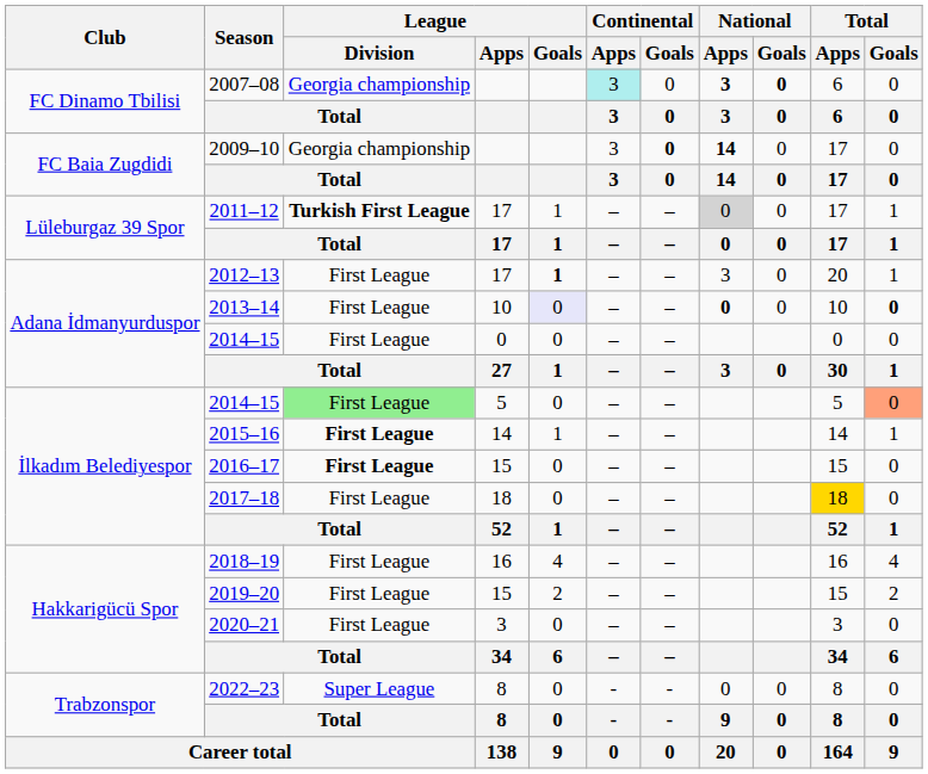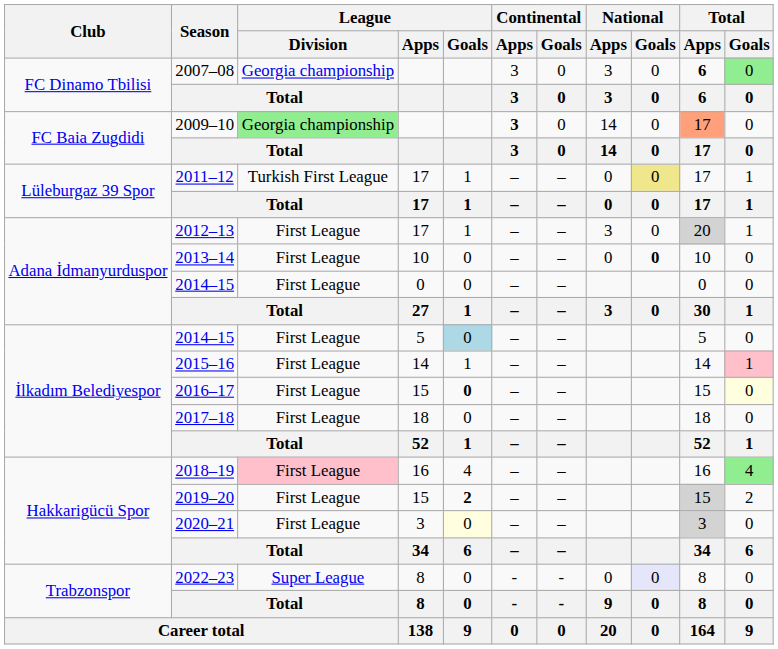 <table class="wikitable" style="text-align: center;">
 <tr>
 <th rowspan=2>Club</th>
 <th rowspan=2>Season</th>
 <th colspan=3>League</th>
 <th colspan=2>Continental</th>
 <th colspan=2>National</th>
 <th colspan=2>Total</th>
 </tr>
 <tr>
 <th>Division</th>
 <th>Apps</th>
 <th>Goals</th>
 <th>Apps</th>
 <th>Goals</th>
 <th>Apps</th>
 <th>Goals</th>
 <th>Apps</th>
 <th>Goals</th>
 </tr>
 <tr>
 <td rowspan=2><a href='#'>FC Dinamo Tbilisi</a></td>
 <td>2007–08</td>
 <td><a href='#'>Georgia championship</a></td>
 <td></td>
 <td></td>
-<td style="background: paleturquoise;">3</td>
+<td>3</td>
 <td>0</td>
-<td><strong>3</strong></td>
-<td><strong>0</strong></td>
-<td>6</td>
+<td>3</td>
 <td>0</td>
+<td><strong>6</strong></td>
+<td style="background: lightgreen;">0</td>
 </tr>
 <tr>
 <th colspan=2>Total</th>
 <th></th>
 <th></th>
 <th>3</th>
 <th>0</th>
 <th>3</th>
 <th>0</th>
 <th>6</th>
 <th>0</th>
 </tr>
 <tr>
 <td rowspan=2><a href='#'>FC Baia Zugdidi</a></td>
 <td>2009–10</td>
-<td>Georgia championship</td>
+<td style="background: lightgreen;">Georgia championship</td>
 <td></td>
 <td></td>
-<td>3</td>
-<td><strong>0</strong></td>
-<td><strong>14</strong></td>
+<td><strong>3</strong></td>
 <td>0</td>
-<td>17</td>
+<td>14</td>
+<td>0</td>
+<td style="background: lightsalmon;">17</td>
 <td>0</td>
 </tr>
 <tr>
 <th colspan=2>Total</th>
 <th></th>
 <th></th>
 <th>3</th>
 <th>0</th>
 <th>14</th>
 <th>0</th>
 <th>17</th>
 <th>0</th>
 </tr>
 <tr>
 <td rowspan=2><a href='#'>Lüleburgaz 39 Spor</a></td>
 <td><a href='#'>2011–12</a></td>
-<td><strong>Turkish First League</strong></td>
+<td>Turkish First League</td>
 <td>17</td>
 <td>1</td>
 <td>–</td>
 <td>–</td>
-<td style="background: lightgrey;">0</td>
 <td>0</td>
+<td style="background: khaki;">0</td>
 <td>17</td>
 <td>1</td>
 </tr>
 <tr>
 <th colspan=2>Total</th>
 <th>17</th>
 <th>1</th>
 <th>–</th>
 <th>–</th>
 <th>0</th>
 <th>0</th>
 <th>17</th>
 <th>1</th>
 </tr>
 <tr>
 <td rowspan=4><a href='#'>Adana İdmanyurduspor</a></td>
 <td><a href='#'>2012–13</a></td>
 <td>First League</td>
 <td>17</td>
-<td><strong>1</strong></td>
+<td>1</td>
 <td>–</td>
 <td>–</td>
 <td>3</td>
 <td>0</td>
-<td>20</td>
+<td style="background: lightgrey;">20</td>
 <td>1</td>
 </tr>
 <tr>
 <td><a href='#'>2013–14</a></td>
 <td>First League</td>
 <td>10</td>
-<td style="background: lavender;">0</td>
+<td>0</td>
 <td>–</td>
 <td>–</td>
+<td>0</td>
 <td><strong>0</strong></td>
+<td>10</td>
 <td>0</td>
-<td>10</td>
-<td><strong>0</strong></td>
 </tr>
 <tr>
 <td><a href='#'>2014–15</a></td>
 <td>First League</td>
 <td>0</td>
 <td>0</td>
 <td>–</td>
 <td>–</td>
 <td></td>
 <td></td>
 <td>0</td>
 <td>0</td>
 </tr>
 <tr>
 <th colspan=2>Total</th>
 <th>27</th>
 <th>1</th>
 <th>–</th>
 <th>–</th>
 <th>3</th>
 <th>0</th>
 <th>30</th>
 <th>1</th>
 </tr>
 <tr>
 <td rowspan=5><a href='#'>İlkadım Belediyespor</a></td>
 <td><a href='#'>2014–15</a></td>
-<td style="background: lightgreen;">First League</td>
+<td>First League</td>
 <td>5</td>
-<td>0</td>
+<td style="background: lightblue;">0</td>
 <td>–</td>
 <td>–</td>
 <td></td>
 <td></td>
 <td>5</td>
-<td style="background: lightsalmon;">0</td>
+<td>0</td>
 </tr>
 <tr>
 <td><a href='#'>2015–16</a></td>
-<td><strong>First League</strong></td>
+<td>First League</td>
 <td>14</td>
 <td>1</td>
 <td>–</td>
 <td>–</td>
 <td></td>
 <td></td>
 <td>14</td>
-<td>1</td>
+<td style="background: pink;">1</td>
 </tr>
 <tr>
 <td><a href='#'>2016–17</a></td>
-<td><strong>First League</strong></td>
+<td>First League</td>
 <td>15</td>
-<td>0</td>
+<td><strong>0</strong></td>
 <td>–</td>
 <td>–</td>
 <td></td>
 <td></td>
 <td>15</td>
-<td>0</td>
+<td style="background: lightyellow;">0</td>
 </tr>
 <tr>
 <td><a href='#'>2017–18</a></td>
 <td>First League</td>
 <td>18</td>
 <td>0</td>
 <td>–</td>
 <td>–</td>
 <td></td>
 <td></td>
-<td style="background: gold;">18</td>
+<td>18</td>
 <td>0</td>
 </tr>
 <tr>
 <th colspan=2>Total</th>
 <th>52</th>
 <th>1</th>
 <th>–</th>
 <th>–</th>
 <th></th>
 <th></th>
 <th>52</th>
 <th>1</th>
 </tr>
 <tr>
 <td rowspan=4><a href='#'>Hakkarigücü Spor</a></td>
 <td><a href='#'>2018–19</a></td>
-<td>First League</td>
+<td style="background: pink;">First League</td>
 <td>16</td>
 <td>4</td>
 <td>–</td>
 <td>–</td>
 <td></td>
 <td></td>
 <td>16</td>
-<td>4</td>
+<td style="background: lightgreen;">4</td>
 </tr>
 <tr>
 <td><a href='#'>2019–20</a></td>
 <td>First League</td>
 <td>15</td>
-<td>2</td>
+<td><strong>2</strong></td>
 <td>–</td>
 <td>–</td>
 <td></td>
 <td></td>
-<td>15</td>
+<td style="background: lightgrey;">15</td>
 <td>2</td>
 </tr>
 <tr>
 <td><a href='#'>2020–21</a></td>
 <td>First League</td>
 <td>3</td>
-<td>0</td>
+<td style="background: lightyellow;">0</td>
 <td>–</td>
 <td>–</td>
 <td></td>
 <td></td>
-<td>3</td>
+<td style="background: lightgrey;">3</td>
 <td>0</td>
 </tr>
 <tr>
 <th colspan=2>Total</th>
 <th>34</th>
 <th>6</th>
 <th>–</th>
 <th>–</th>
 <th></th>
 <th></th>
 <th>34</th>
 <th>6</th>
 </tr>
 <tr>
 <td rowspan=2><a href='#'>Trabzonspor</a></td>
 <td><a href='#'>2022–23</a></td>
 <td><a href='#'>Super League</a></td>
 <td>8</td>
 <td>0</td>
 <td>-</td>
 <td>-</td>
 <td>0</td>
-<td>0</td>
+<td style="background: lavender;">0</td>
 <td>8</td>
 <td>0</td>
 </tr>
 <tr>
 <th colspan="2">Total</th>
 <th>8</th>
 <th>0</th>
 <th>-</th>
 <th>-</th>
 <th>9</th>
 <th>0</th>
 <th>8</th>
 <th>0</th>
 </tr>
 <tr>
 <th colspan=3>Career total</th>
 <th>138</th>
 <th>9</th>
 <th>0</th>
 <th>0</th>
 <th>20</th>
 <th>0</th>
 <th>164</th>
 <th>9</th>
 </tr>
 </table>
